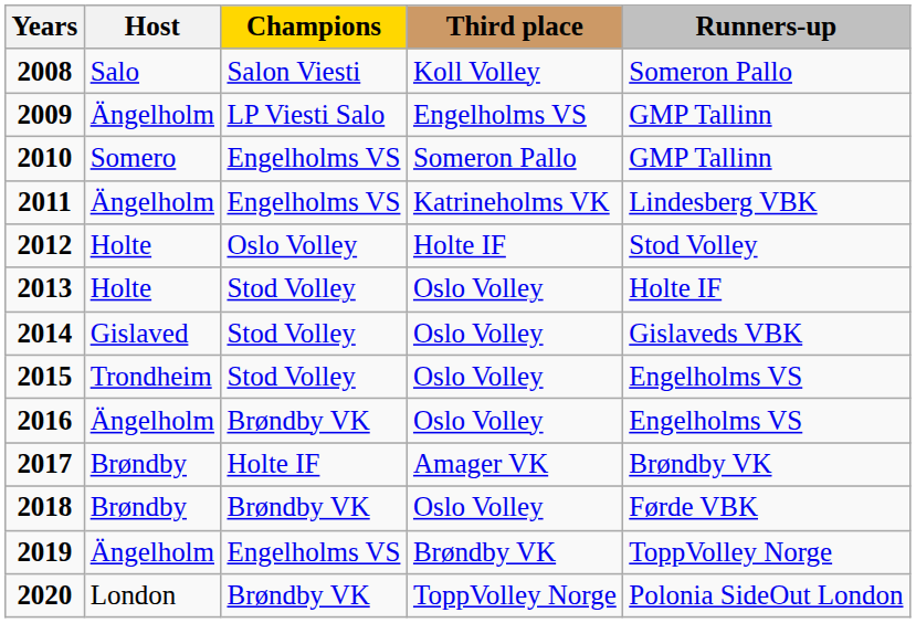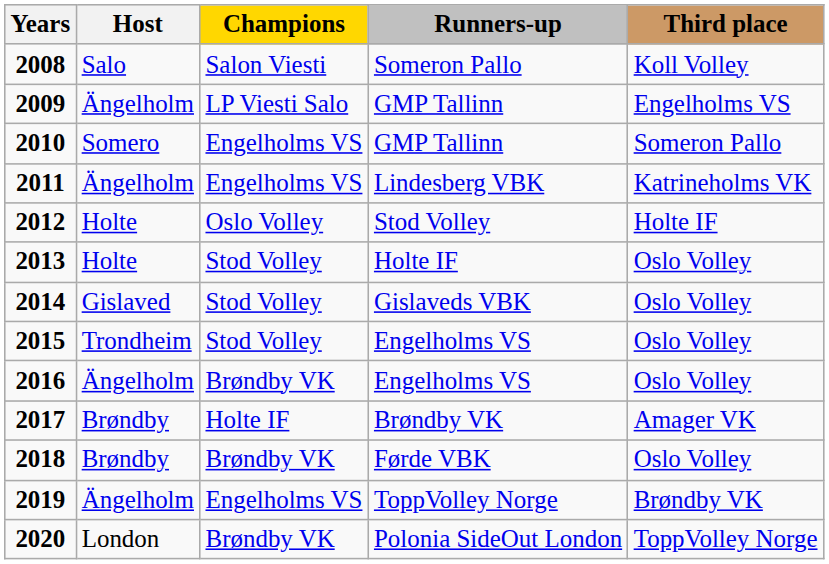 <table class=wikitable>
 <tr>
 <th>Years</th>
 <th>Host</th>
 <th style="background:gold">Champions</th>
+<th style="background:silver">Runners-up</th>
 <th style="background:#cc9966">Third place</th>
-<th style="background:silver">Runners-up</th>
 </tr>
 <tr>
 <td align="center"><strong>2008</strong></td>
 <td> <a href='#'>Salo</a></td>
 <td> <a href='#'>Salon Viesti</a></td>
+<td> <a href='#'>Someron Pallo</a></td>
 <td> <a href='#'>Koll Volley</a></td>
-<td> <a href='#'>Someron Pallo</a></td>
 </tr>
 <tr>
 <td align="center"><strong>2009</strong></td>
 <td> <a href='#'>Ängelholm</a></td>
 <td>  <a href='#'>LP Viesti Salo</a></td>
+<td>  <a href='#'>GMP Tallinn</a></td>
 <td>  <a href='#'>Engelholms VS</a></td>
-<td>  <a href='#'>GMP Tallinn</a></td>
 </tr>
 <tr>
 <td align="center"><strong>2010</strong></td>
 <td> <a href='#'>Somero</a></td>
 <td>  <a href='#'>Engelholms VS</a></td>
+<td>  <a href='#'>GMP Tallinn</a></td>
 <td>  <a href='#'>Someron Pallo</a></td>
-<td>  <a href='#'>GMP Tallinn</a></td>
 </tr>
 <tr>
 <td align="center"><strong>2011</strong></td>
 <td> <a href='#'>Ängelholm</a></td>
 <td>  <a href='#'>Engelholms VS</a></td>
+<td>  <a href='#'>Lindesberg VBK</a></td>
 <td>  <a href='#'>Katrineholms VK</a></td>
-<td>  <a href='#'>Lindesberg VBK</a></td>
 </tr>
 <tr>
 <td align="center"><strong>2012</strong></td>
 <td> <a href='#'>Holte</a></td>
 <td>  <a href='#'>Oslo Volley</a></td>
+<td>  <a href='#'>Stod Volley</a></td>
 <td>  <a href='#'>Holte IF</a></td>
-<td>  <a href='#'>Stod Volley</a></td>
 </tr>
 <tr>
 <td align="center"><strong>2013</strong></td>
 <td> <a href='#'>Holte</a></td>
 <td>  <a href='#'>Stod Volley</a></td>
+<td>  <a href='#'>Holte IF</a></td>
 <td>  <a href='#'>Oslo Volley</a></td>
-<td>  <a href='#'>Holte IF</a></td>
 </tr>
 <tr>
 <td align="center"><strong>2014</strong></td>
 <td> <a href='#'>Gislaved</a></td>
 <td>  <a href='#'>Stod Volley</a></td>
+<td>  <a href='#'>Gislaveds VBK</a></td>
 <td>  <a href='#'>Oslo Volley</a></td>
-<td>  <a href='#'>Gislaveds VBK</a></td>
 </tr>
 <tr>
 <td align="center"><strong>2015</strong></td>
 <td> <a href='#'>Trondheim</a></td>
 <td>  <a href='#'>Stod Volley</a></td>
+<td>  <a href='#'>Engelholms VS</a></td>
 <td>  <a href='#'>Oslo Volley</a></td>
-<td>  <a href='#'>Engelholms VS</a></td>
 </tr>
 <tr>
 <td align="center"><strong>2016</strong></td>
 <td> <a href='#'>Ängelholm</a></td>
 <td>  <a href='#'>Brøndby VK</a></td>
+<td>  <a href='#'>Engelholms VS</a></td>
 <td>  <a href='#'>Oslo Volley</a></td>
-<td>  <a href='#'>Engelholms VS</a></td>
 </tr>
 <tr>
 <td align="center"><strong>2017</strong></td>
 <td> <a href='#'>Brøndby</a></td>
 <td>  <a href='#'>Holte IF</a></td>
+<td>  <a href='#'>Brøndby VK</a></td>
 <td>  <a href='#'>Amager VK</a></td>
-<td>  <a href='#'>Brøndby VK</a></td>
 </tr>
 <tr>
 <td align="center"><strong>2018</strong></td>
 <td> <a href='#'>Brøndby</a></td>
 <td>  <a href='#'>Brøndby VK</a></td>
+<td>  <a href='#'>Førde VBK</a></td>
 <td>  <a href='#'>Oslo Volley</a></td>
-<td>  <a href='#'>Førde VBK</a></td>
 </tr>
 <tr>
 <td align="center"><strong>2019</strong></td>
 <td> <a href='#'>Ängelholm</a></td>
 <td>  <a href='#'>Engelholms VS</a></td>
+<td>  <a href='#'>ToppVolley Norge</a></td>
 <td>  <a href='#'>Brøndby VK</a></td>
-<td>  <a href='#'>ToppVolley Norge</a></td>
 </tr>
 <tr>
 <td align="center"><strong>2020</strong></td>
 <td> London</td>
 <td>  <a href='#'>Brøndby VK</a></td>
+<td>  <a href='#'>Polonia SideOut London</a></td>
 <td>  <a href='#'>ToppVolley Norge</a></td>
-<td>  <a href='#'>Polonia SideOut London</a></td>
 </tr>
 </table>
